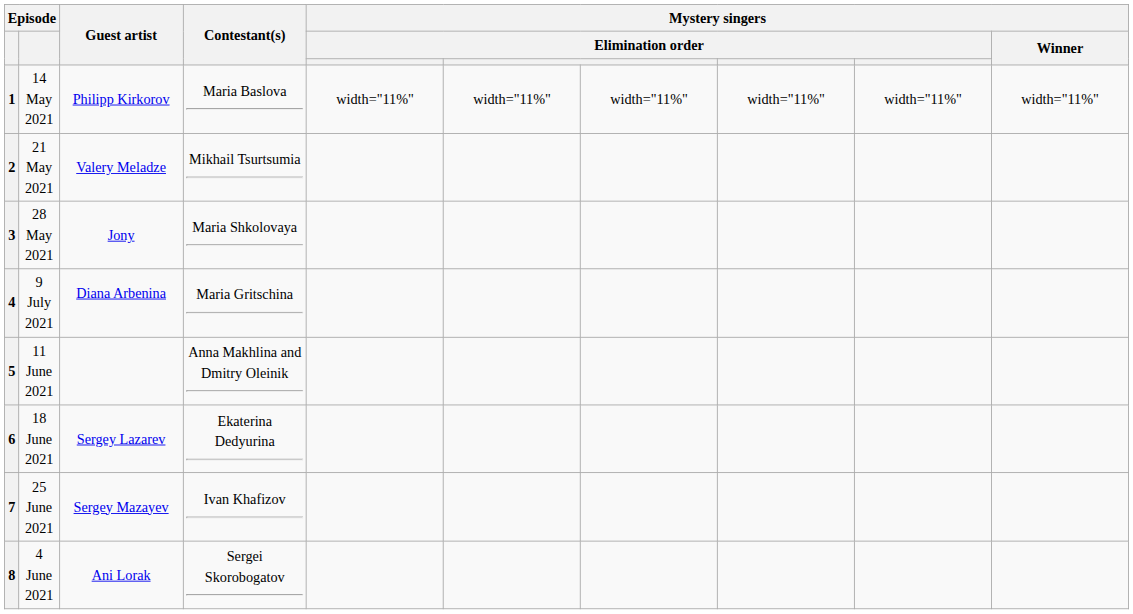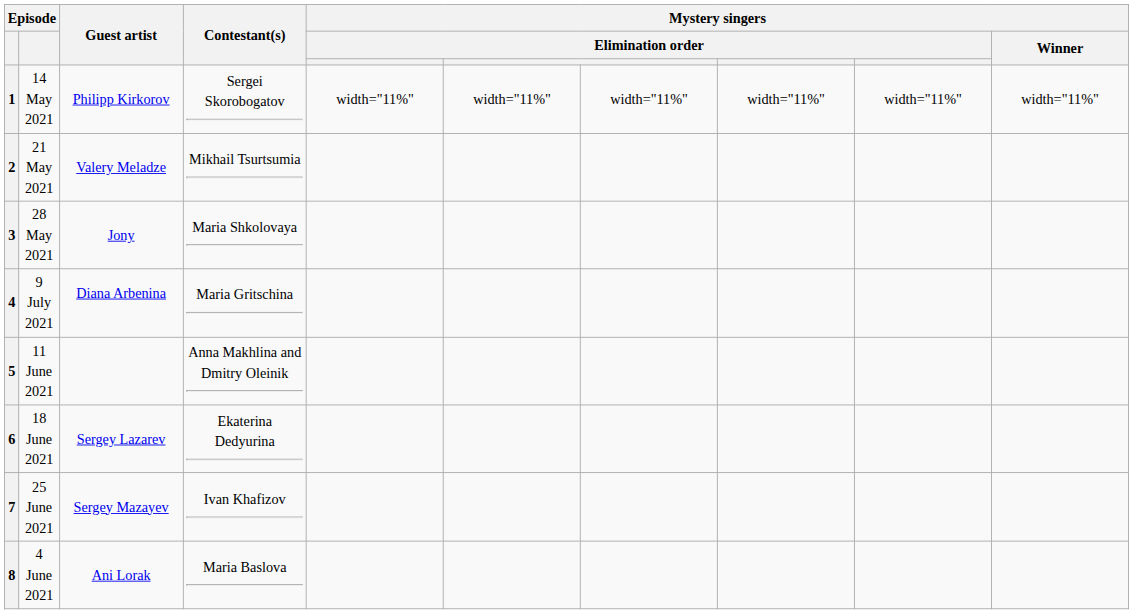 <table class="wikitable plainrowheaders mw-collapsible" style="text-align:center; line-height:23px; width:100%;">
 <tr>
 <th colspan="2" width="1%">Episode</th>
 <th rowspan="3" width="11%">Guest artist</th>
 <th rowspan="3" width="11%">Contestant(s)</th>
 <th colspan="6">Mystery singers<br></th>
 </tr>
 <tr>
 <th rowspan="2"></th>
 <th rowspan="2"></th>
 <th colspan="5">Elimination order</th>
 <th rowspan="2">Winner</th>
 </tr>
 <tr>
 <th></th>
 <th colspan="2"></th>
 <th></th>
 <th></th>
 </tr>
 <tr>
 <th>1</th>
 <td>14 May 2021</td>
 <td><a href='#'>Philipp Kirkorov</a></td>
-<td>Maria Baslova<hr></td>
+<td>Sergei Skorobogatov<hr></td>
 <td>width="11%" </td>
 <td>width="11%" </td>
 <td>width="11%" </td>
 <td>width="11%" </td>
 <td>width="11%" </td>
 <td>width="11%" </td>
 </tr>
 <tr>
 <th>2</th>
 <td>21 May 2021</td>
 <td><a href='#'>Valery Meladze</a><br></td>
 <td>Mikhail Tsurtsumia<hr></td>
 <td></td>
 <td></td>
 <td></td>
 <td></td>
 <td></td>
 <td></td>
 </tr>
 <tr>
 <th>3</th>
 <td>28 May 2021</td>
 <td><a href='#'>Jony</a></td>
 <td>Maria Shkolovaya<hr></td>
 <td></td>
 <td></td>
 <td></td>
 <td></td>
 <td></td>
 <td></td>
 </tr>
 <tr>
 <th>4</th>
 <td>9 July 2021</td>
 <td><a href='#'>Diana Arbenina</a><br><br></td>
 <td>Maria Gritschina<hr></td>
 <td></td>
 <td></td>
 <td></td>
 <td></td>
 <td></td>
 <td></td>
 </tr>
 <tr>
 <th>5</th>
 <td>11 June 2021</td>
 <td><br></td>
 <td>Anna Makhlina and Dmitry Oleinik<hr></td>
 <td></td>
 <td></td>
 <td></td>
 <td></td>
 <td></td>
 <td></td>
 </tr>
 <tr>
 <th>6</th>
 <td>18 June 2021</td>
 <td><a href='#'>Sergey Lazarev</a><br></td>
 <td>Ekaterina Dedyurina<hr></td>
 <td></td>
 <td></td>
 <td></td>
 <td></td>
 <td></td>
 <td></td>
 </tr>
 <tr>
 <th>7</th>
 <td>25 June 2021</td>
 <td><a href='#'>Sergey Mazayev</a><br></td>
 <td>Ivan Khafizov<hr></td>
 <td></td>
 <td></td>
 <td></td>
 <td></td>
 <td></td>
 <td></td>
 </tr>
 <tr>
 <th>8</th>
 <td>4 June 2021</td>
 <td><a href='#'>Ani Lorak</a></td>
-<td>Sergei Skorobogatov<hr></td>
+<td>Maria Baslova<hr></td>
 <td></td>
 <td></td>
 <td></td>
 <td></td>
 <td></td>
 <td></td>
 </tr>
 </table>
